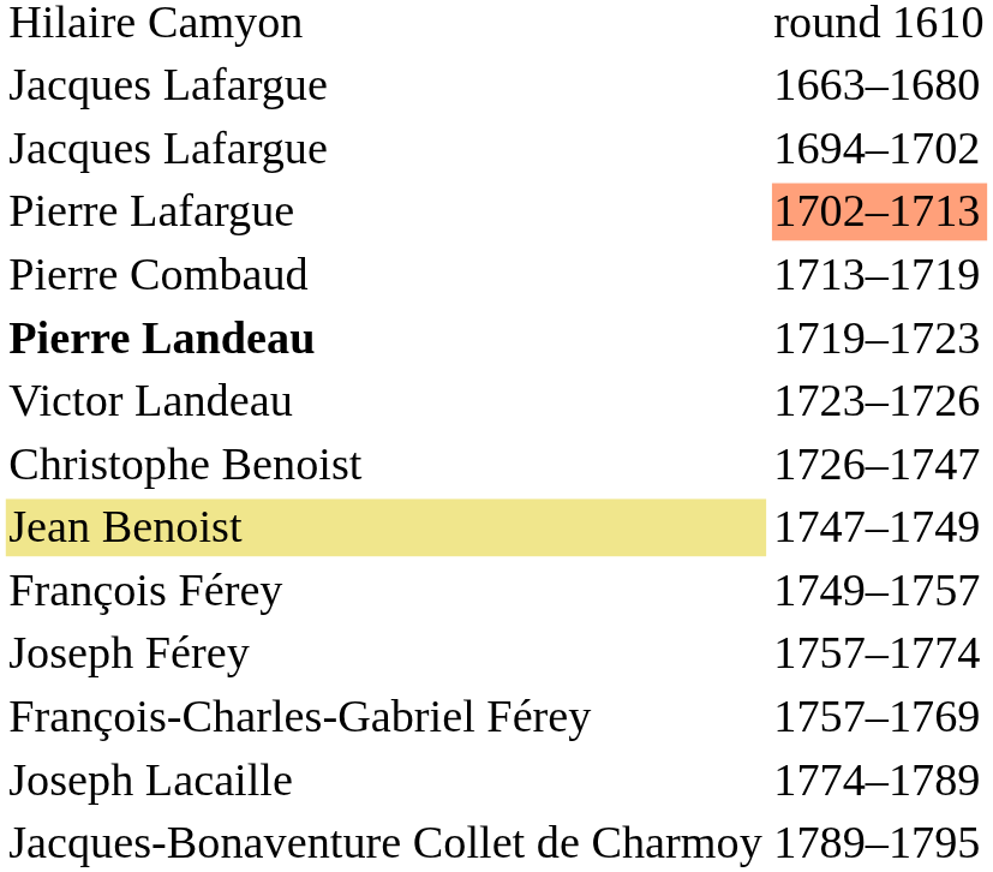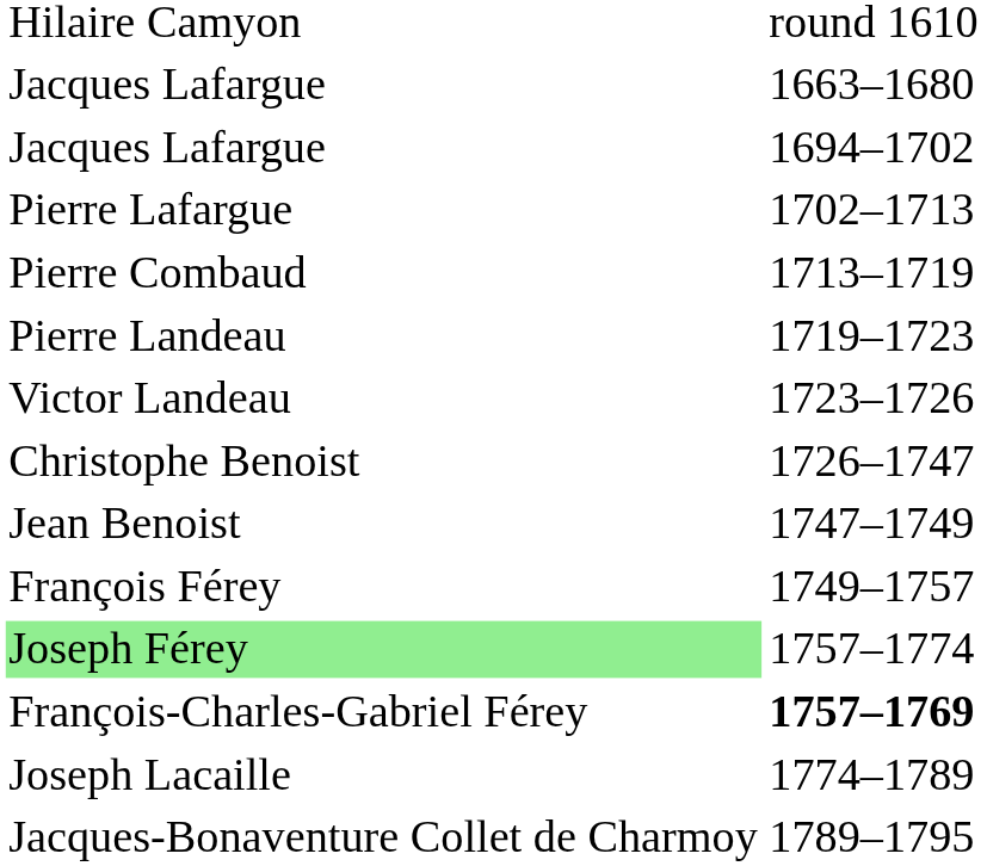 <table>
 <tr>
 <td>Hilaire Camyon</td>
 <td>round 1610</td>
 </tr>
 <tr>
 <td>Jacques Lafargue</td>
 <td>1663–1680</td>
 </tr>
 <tr>
 <td>Jacques Lafargue</td>
 <td>1694–1702</td>
 </tr>
 <tr>
 <td>Pierre Lafargue</td>
-<td style="background: lightsalmon;">1702–1713</td>
+<td>1702–1713</td>
 </tr>
 <tr>
 <td>Pierre Combaud</td>
 <td>1713–1719</td>
 </tr>
 <tr>
-<td><strong>Pierre Landeau</strong></td>
+<td>Pierre Landeau</td>
 <td>1719–1723</td>
 </tr>
 <tr>
 <td>Victor Landeau</td>
 <td>1723–1726</td>
 </tr>
 <tr>
 <td>Christophe Benoist</td>
 <td>1726–1747</td>
 </tr>
 <tr>
-<td style="background: khaki;">Jean Benoist</td>
+<td>Jean Benoist</td>
 <td>1747–1749</td>
 </tr>
 <tr>
 <td>François Férey</td>
 <td>1749–1757</td>
 </tr>
 <tr>
-<td>Joseph Férey</td>
+<td style="background: lightgreen;">Joseph Férey</td>
 <td>1757–1774</td>
 </tr>
 <tr>
 <td>François-Charles-Gabriel Férey</td>
-<td>1757–1769</td>
+<td><strong>1757–1769</strong></td>
 </tr>
 <tr>
 <td>Joseph Lacaille</td>
 <td>1774–1789</td>
 </tr>
 <tr>
 <td>Jacques-Bonaventure Collet de Charmoy</td>
 <td>1789–1795</td>
 </tr>
 </table>
